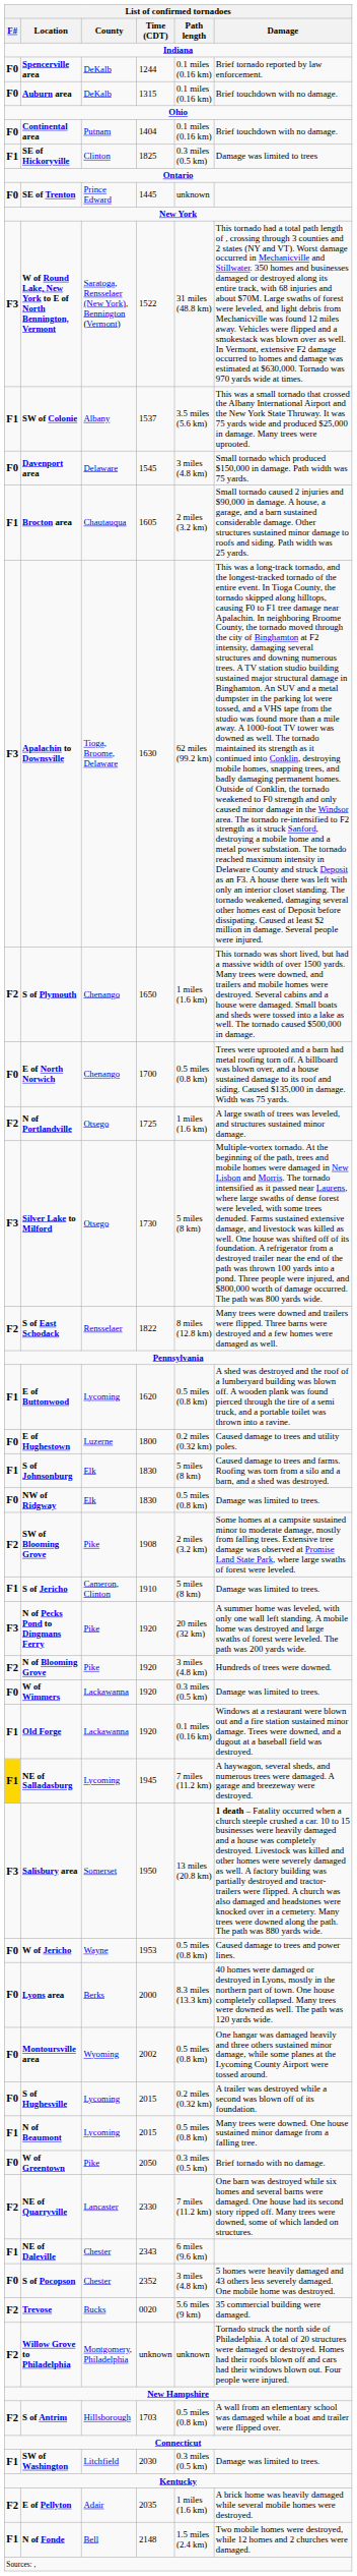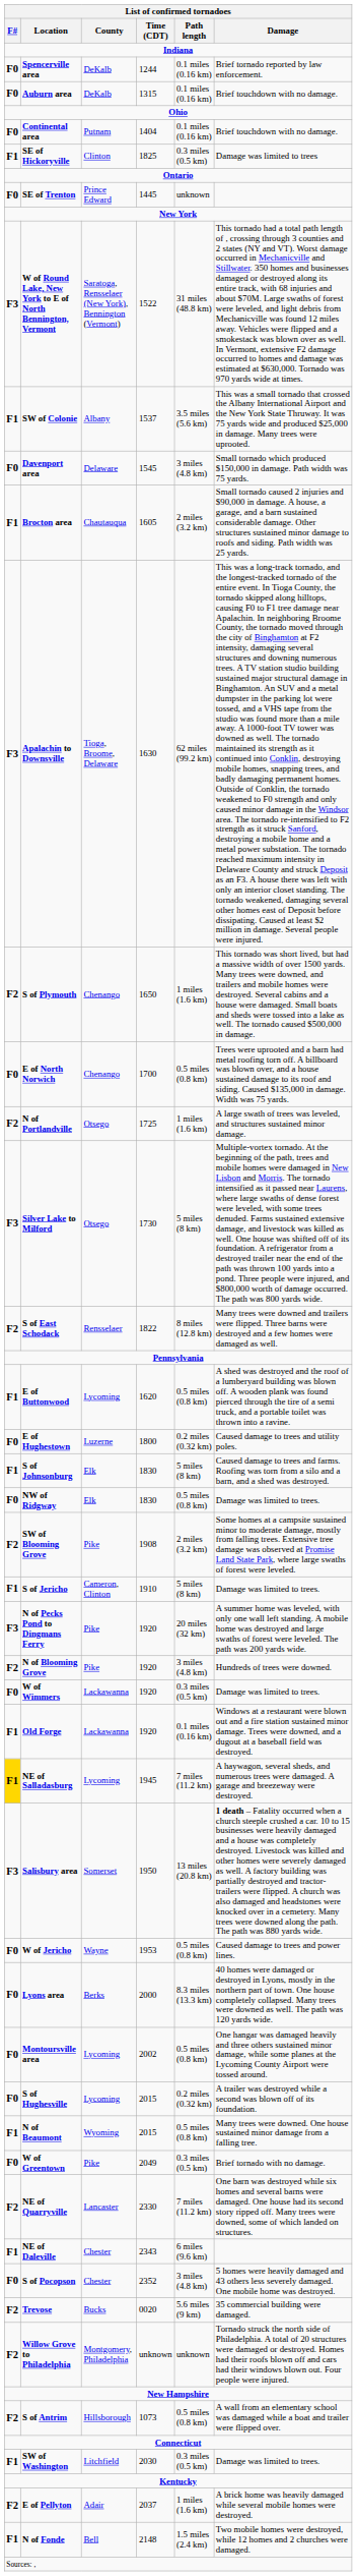 <table class="wikitable toccolours collapsible" width="100%">
 <tr>
 <th colspan="6">List of confirmed tornadoes</th>
 </tr>
 <tr>
 <th><a href='#'>F#</a></th>
 <th>Location</th>
 <th>County</th>
 <th>Time (CDT)</th>
 <th>Path length</th>
 <th>Damage</th>
 </tr>
 <tr>
 <td colspan="7" align=center><strong><a href='#'>Indiana</a></strong></td>
 </tr>
 <tr>
 <td><big><strong>F0</strong></big></td>
 <td><strong><a href='#'>Spencerville</a> area</strong></td>
 <td><a href='#'>DeKalb</a></td>
 <td>1244</td>
 <td>0.1 miles <br> (0.16 km)</td>
 <td>Brief tornado reported by law enforcement.</td>
 </tr>
 <tr>
 <td><big><strong>F0</strong></big></td>
 <td><strong><a href='#'>Auburn</a> area</strong></td>
 <td><a href='#'>DeKalb</a></td>
 <td>1315</td>
 <td>0.1 miles <br> (0.16 km)</td>
 <td>Brief touchdown with no damage.</td>
 </tr>
 <tr>
 <td colspan="7" align=center><strong><a href='#'>Ohio</a></strong></td>
 </tr>
 <tr>
 <td><big><strong>F0</strong></big></td>
 <td><strong><a href='#'>Continental</a> area</strong></td>
 <td><a href='#'>Putnam</a></td>
 <td>1404</td>
 <td>0.1 miles <br> (0.16 km)</td>
 <td>Brief touchdown with no damage.</td>
 </tr>
 <tr>
 <td><big><strong>F1</strong></big></td>
 <td><strong>SE of <a href='#'>Hickoryville</a></strong></td>
 <td><a href='#'>Clinton</a></td>
 <td>1825</td>
 <td>0.3 miles <br> (0.5 km)</td>
 <td>Damage was limited to trees</td>
 </tr>
 <tr>
 <td colspan="7" align=center><strong><a href='#'>Ontario</a></strong></td>
 </tr>
 <tr>
 <td><big><strong>F0</strong></big></td>
 <td><strong>SE of <a href='#'>Trenton</a></strong></td>
 <td><a href='#'>Prince Edward</a></td>
 <td>1445</td>
 <td>unknown</td>
 <td></td>
 </tr>
 <tr>
 <td colspan="7" align=center><strong><a href='#'>New York</a></strong></td>
 </tr>
 <tr>
 <td><big><strong>F3</strong></big></td>
 <td><strong>W of <a href='#'>Round Lake, New York</a> to E of <a href='#'>North Bennington, Vermont</a></strong></td>
 <td><a href='#'>Saratoga</a>, <a href='#'>Rensselaer</a> <a href='#'>(New York)</a>, <a href='#'>Bennington</a> (<a href='#'>Vermont</a>)</td>
 <td>1522</td>
 <td>31 miles <br> (48.8 km)</td>
 <td>This tornado had a total path length of , crossing through 3 counties and 2 states (NY and VT). Worst damage occurred in <a href='#'>Mechanicville</a> and <a href='#'>Stillwater</a>. 350 homes and businesses damaged or destroyed along its entire track, with 68 injuries and about $70M. Large swaths of forest were leveled, and light debris from Mechanicville was found 12 miles away. Vehicles were flipped and a smokestack was blown over as well. In Vermont, extensive F2 damage occurred to homes and damage was estimated at $630,000. Tornado was 970 yards wide at times.</td>
 </tr>
 <tr>
 <td><big><strong>F1</strong></big></td>
 <td><strong>SW of <a href='#'>Colonie</a></strong></td>
 <td><a href='#'>Albany</a></td>
 <td>1537</td>
 <td>3.5 miles <br> (5.6 km)</td>
 <td>This was a small tornado that crossed the Albany International Airport and the New York State Thruway. It was 75 yards wide and produced $25,000 in damage. Many trees were uprooted.</td>
 </tr>
 <tr>
 <td><big><strong>F0</strong></big></td>
 <td><strong><a href='#'>Davenport</a> area</strong></td>
 <td><a href='#'>Delaware</a></td>
 <td>1545</td>
 <td>3 miles <br> (4.8 km)</td>
 <td>Small tornado which produced $150,000 in damage. Path width was 75 yards.</td>
 </tr>
 <tr>
 <td><big><strong>F1</strong></big></td>
 <td><strong><a href='#'>Brocton</a> area</strong></td>
 <td><a href='#'>Chautauqua</a></td>
 <td>1605</td>
 <td>2 miles <br> (3.2 km)</td>
 <td>Small tornado caused 2 injuries and $90,000 in damage. A house, a garage, and a barn sustained considerable damage. Other structures sustained minor damage to roofs and siding. Path width was 25 yards.</td>
 </tr>
 <tr>
 <td><big><strong>F3</strong></big></td>
 <td><strong><a href='#'>Apalachin</a> to <a href='#'>Downsville</a></strong></td>
 <td><a href='#'>Tioga</a>, <a href='#'>Broome</a>, <a href='#'>Delaware</a></td>
 <td>1630</td>
 <td>62 miles <br> (99.2 km)</td>
 <td>This was a long-track tornado, and the longest-tracked tornado of the entire event. In Tioga County, the tornado skipped along hilltops, causing F0 to F1 tree damage near Apalachin. In neighboring Broome County, the tornado moved through the city of <a href='#'>Binghamton</a> at F2 intensity, damaging several structures and downing numerous trees. A TV station studio building sustained major structural damage in Binghamton. An SUV and a metal dumpster in the parking lot were tossed, and a VHS tape from the studio was found more than a mile away. A 1000-foot TV tower was downed as well. The tornado maintained its strength as it continued into <a href='#'>Conklin</a>, destroying mobile homes, snapping trees, and badly damaging permanent homes. Outside of Conklin, the tornado weakened to F0 strength and only caused minor damage in the <a href='#'>Windsor</a> area. The tornado re-intensified to F2 strength as it struck <a href='#'>Sanford</a>, destroying a mobile home and a metal power substation. The tornado reached maximum intensity in Delaware County and struck <a href='#'>Deposit</a> as an F3. A house there was left with only an interior closet standing. The tornado weakened, damaging several other homes east of Deposit before dissipating. Caused at least $2 million in damage. Several people were injured.</td>
 </tr>
 <tr>
 <td><big><strong>F2</strong></big></td>
 <td><strong>S of <a href='#'>Plymouth</a></strong></td>
 <td><a href='#'>Chenango</a></td>
 <td>1650</td>
 <td>1 miles <br> (1.6 km)</td>
 <td>This tornado was short lived, but had a massive width of over 1500 yards. Many trees were downed, and trailers and mobile homes were destroyed. Several cabins and a house were damaged. Small boats and sheds were tossed into a lake as well. The tornado caused $500,000 in damage.</td>
 </tr>
 <tr>
 <td><big><strong>F0</strong></big></td>
 <td><strong>E of <a href='#'>North Norwich</a></strong></td>
 <td><a href='#'>Chenango</a></td>
 <td>1700</td>
 <td>0.5 miles <br> (0.8 km)</td>
 <td>Trees were uprooted and a barn had metal roofing torn off. A billboard was blown over, and a house sustained damage to its roof and siding. Caused $135,000 in damage. Width was 75 yards.</td>
 </tr>
 <tr>
 <td><big><strong>F2</strong></big></td>
 <td><strong>N of <a href='#'>Portlandville</a></strong></td>
 <td><a href='#'>Otsego</a></td>
 <td>1725</td>
 <td>1 miles <br> (1.6 km)</td>
 <td>A large swath of trees was leveled, and structures sustained minor damage.</td>
 </tr>
 <tr>
 <td><big><strong>F3</strong></big></td>
 <td><strong><a href='#'>Silver Lake</a> to <a href='#'>Milford</a></strong></td>
 <td><a href='#'>Otsego</a></td>
 <td>1730</td>
 <td>5 miles <br> (8 km)</td>
 <td>Multiple-vortex tornado. At the beginning of the path, trees and mobile homes were damaged in <a href='#'>New Lisbon</a> and <a href='#'>Morris</a>. The tornado intensified as it passed near <a href='#'>Laurens</a>, where large swaths of dense forest were leveled, with some trees denuded. Farms sustained extensive damage, and livestock was killed as well. One house was shifted off of its foundation. A refrigerator from a destroyed trailer near the end of the path was thrown 100 yards into a pond. Three people were injured, and $800,000 worth of damage occurred. The path was 800 yards wide.</td>
 </tr>
 <tr>
 <td><big><strong>F2</strong></big></td>
 <td><strong> S of <a href='#'>East Schodack</a></strong></td>
 <td><a href='#'>Rensselaer</a></td>
 <td>1822</td>
 <td>8 miles <br> (12.8 km)</td>
 <td>Many trees were downed and trailers were flipped. Three barns were destroyed and a few homes were damaged as well.</td>
 </tr>
 <tr>
 <td colspan="7" align=center><strong><a href='#'>Pennsylvania</a></strong></td>
 </tr>
 <tr>
 <td><big><strong>F1</strong></big></td>
 <td><strong>E of <a href='#'>Buttonwood</a></strong></td>
 <td><a href='#'>Lycoming</a></td>
 <td>1620</td>
 <td>0.5 miles <br> (0.8 km)</td>
 <td>A shed was destroyed and the roof of a lumberyard building was blown off. A wooden plank was found pierced through the tire of a semi truck, and a portable toilet was thrown into a ravine.</td>
 </tr>
 <tr>
 <td><big><strong>F0</strong></big></td>
 <td><strong>E of <a href='#'>Hughestown</a></strong></td>
 <td><a href='#'>Luzerne</a></td>
 <td>1800</td>
 <td>0.2 miles <br> (0.32 km)</td>
 <td>Caused damage to trees and utility poles.</td>
 </tr>
 <tr>
 <td><big><strong>F1</strong></big></td>
 <td><strong>S of <a href='#'>Johnsonburg</a></strong></td>
 <td><a href='#'>Elk</a></td>
 <td>1830</td>
 <td>5 miles <br> (8 km)</td>
 <td>Caused damage to trees and farms. Roofing was torn from a silo and a barn, and a shed was destroyed.</td>
 </tr>
 <tr>
 <td><big><strong>F0</strong></big></td>
 <td><strong>NW of <a href='#'>Ridgway</a></strong></td>
 <td><a href='#'>Elk</a></td>
 <td>1830</td>
 <td>0.5 miles <br> (0.8 km)</td>
 <td>Damage was limited to trees.</td>
 </tr>
 <tr>
 <td><big><strong>F2</strong></big></td>
 <td><strong>SW of <a href='#'>Blooming Grove</a></strong></td>
 <td><a href='#'>Pike</a></td>
 <td>1908</td>
 <td>2 miles <br> (3.2 km)</td>
 <td>Some homes at a campsite sustained minor to moderate damage, mostly from falling trees. Extensive tree damage was observed at <a href='#'>Promise Land State Park</a>, where large swaths of forest were leveled.</td>
 </tr>
 <tr>
 <td><big><strong>F1</strong></big></td>
 <td><strong>S of <a href='#'>Jericho</a></strong></td>
 <td><a href='#'>Cameron</a>, <a href='#'>Clinton</a></td>
 <td>1910</td>
 <td>5 miles <br> (8 km)</td>
 <td>Damage was limited to trees.</td>
 </tr>
 <tr>
 <td><big><strong>F3</strong></big></td>
 <td><strong>N of <a href='#'>Pecks Pond</a> to <a href='#'>Dingmans Ferry</a></strong></td>
 <td><a href='#'>Pike</a></td>
 <td>1920</td>
 <td>20 miles <br> (32 km)</td>
 <td>A summer home was leveled, with only one wall left standing. A mobile home was destroyed and large swaths of forest were leveled. The path was 200 yards wide.</td>
 </tr>
 <tr>
 <td><big><strong>F2</strong></big></td>
 <td><strong>N of <a href='#'>Blooming Grove</a></strong></td>
 <td><a href='#'>Pike</a></td>
 <td>1920</td>
 <td>3 miles <br> (4.8 km)</td>
 <td>Hundreds of trees were downed.</td>
 </tr>
 <tr>
 <td><big><strong>F0</strong></big></td>
 <td><strong>W of <a href='#'>Wimmers</a></strong></td>
 <td><a href='#'>Lackawanna</a></td>
 <td>1920</td>
 <td>0.3 miles <br> (0.5 km)</td>
 <td>Damage was limited to trees.</td>
 </tr>
 <tr>
 <td><big><strong>F1</strong></big></td>
 <td><strong><a href='#'>Old Forge</a></strong></td>
 <td><a href='#'>Lackawanna</a></td>
 <td>1920</td>
 <td>0.1 miles <br> (0.16 km)</td>
 <td>Windows at a restaurant were blown out and a fire station sustained minor damage. Trees were downed, and a dugout at a baseball field was destroyed.</td>
 </tr>
 <tr>
 <td style="background: gold;"><big><strong>F1</strong></big></td>
 <td><strong>NE of <a href='#'>Salladasburg</a></strong></td>
 <td><a href='#'>Lycoming</a></td>
 <td>1945</td>
 <td>7 miles <br> (11.2 km)</td>
 <td>A haywagon, several sheds, and numerous trees were damaged. A garage and breezeway were destroyed.</td>
 </tr>
 <tr>
 <td><big><strong>F3</strong></big></td>
 <td><strong><a href='#'>Salisbury</a> area</strong></td>
 <td><a href='#'>Somerset</a></td>
 <td>1950</td>
 <td>13 miles <br> (20.8 km)</td>
 <td><strong>1 death</strong> –  Fatality occurred when a church steeple crushed a car. 10 to 15 businesses were heavily damaged and a house was completely destroyed. Livestock was killed and other homes were severely damaged as well. A factory building was partially destroyed and tractor-trailers were flipped. A church was also damaged and headstones were knocked over in a cemetery. Many trees were downed along the path. The path was 880 yards wide.</td>
 </tr>
 <tr>
 <td><big><strong>F0</strong></big></td>
 <td><strong>W of <a href='#'>Jericho</a></strong></td>
 <td><a href='#'>Wayne</a></td>
 <td>1953</td>
 <td>0.5 miles <br> (0.8 km)</td>
 <td>Caused damage to trees and power lines.</td>
 </tr>
 <tr>
 <td><big><strong>F0</strong></big></td>
 <td><strong><a href='#'>Lyons</a> area</strong></td>
 <td><a href='#'>Berks</a></td>
 <td>2000</td>
 <td>8.3 miles <br> (13.3 km)</td>
 <td>40 homes were damaged or destroyed in Lyons, mostly in the northern part of town. One house completely collapsed. Many trees were downed as well. The path was 120 yards wide.</td>
 </tr>
 <tr>
 <td><big><strong>F0</strong></big></td>
 <td><strong><a href='#'>Montoursville</a> area</strong></td>
-<td><a href='#'>Wyoming</a></td>
+<td><a href='#'>Lycoming</a></td>
 <td>2002</td>
 <td>0.5 miles <br> (0.8 km)</td>
 <td>One hangar was damaged heavily and three others sustained minor damage, while some planes at the Lycoming County Airport were tossed around.</td>
 </tr>
 <tr>
 <td><big><strong>F0</strong></big></td>
 <td><strong>S of <a href='#'>Hughesville</a></strong></td>
 <td><a href='#'>Lycoming</a></td>
 <td>2015</td>
 <td>0.2 miles <br> (0.32 km)</td>
 <td>A trailer was destroyed while a second was blown off of its foundation.</td>
 </tr>
 <tr>
 <td><big><strong>F1</strong></big></td>
 <td><strong>N of <a href='#'>Beaumont</a></strong></td>
-<td><a href='#'>Lycoming</a></td>
+<td><a href='#'>Wyoming</a></td>
 <td>2015</td>
 <td>0.5 miles <br> (0.8 km)</td>
 <td>Many trees were downed. One house sustained minor damage from a falling tree.</td>
 </tr>
 <tr>
 <td><big><strong>F0</strong></big></td>
 <td><strong>W of <a href='#'>Greentown</a></strong></td>
 <td><a href='#'>Pike</a></td>
-<td>2050</td>
+<td>2049</td>
 <td>0.3 miles <br> (0.5 km)</td>
 <td>Brief tornado with no damage.</td>
 </tr>
 <tr>
 <td><big><strong>F2</strong></big></td>
 <td><strong>NE of <a href='#'>Quarryville</a></strong></td>
 <td><a href='#'>Lancaster</a></td>
 <td>2330</td>
 <td>7 miles <br> (11.2 km)</td>
 <td>One barn was destroyed while six homes and several barns were damaged. One house had its second story ripped off. Many trees were downed, some of which landed on structures.</td>
 </tr>
 <tr>
 <td><big><strong>F1</strong></big></td>
 <td><strong>NE of <a href='#'>Daleville</a></strong></td>
 <td><a href='#'>Chester</a></td>
 <td>2343</td>
 <td>6 miles <br> (9.6 km)</td>
 <td></td>
 </tr>
 <tr>
 <td><big><strong>F0</strong></big></td>
 <td><strong>S of <a href='#'>Pocopson</a></strong></td>
 <td><a href='#'>Chester</a></td>
 <td>2352</td>
 <td>3 miles <br> (4.8 km)</td>
 <td>5 homes were heavily damaged and 43 others less severely damaged. One mobile home was destroyed.</td>
 </tr>
 <tr>
 <td><big><strong>F2</strong></big></td>
 <td><strong><a href='#'>Trevose</a></strong></td>
 <td><a href='#'>Bucks</a></td>
 <td>0020</td>
 <td>5.6 miles <br> (9 km)</td>
 <td>35 commercial building were damaged.</td>
 </tr>
 <tr>
 <td><big><strong>F2</strong></big></td>
 <td><strong><a href='#'>Willow Grove</a> to <a href='#'>Philadelphia</a></strong></td>
 <td><a href='#'>Montgomery</a>, <a href='#'>Philadelphia</a></td>
 <td>unknown</td>
 <td>unknown</td>
 <td>Tornado struck the north side of Philadelphia. A total of 20 structures were damaged or destroyed. Homes had their roofs blown off and cars had their windows blown out. Four people were injured.</td>
 </tr>
 <tr>
 <td colspan="7" align=center><strong><a href='#'>New Hampshire</a></strong></td>
 </tr>
 <tr>
 <td><big><strong>F2</strong></big></td>
 <td><strong>S of <a href='#'>Antrim</a></strong></td>
 <td><a href='#'>Hillsborough</a></td>
-<td>1703</td>
+<td>1073</td>
 <td>0.5 miles <br> (0.8 km)</td>
 <td>A wall from an elementary school was damaged while a boat and trailer were flipped over.</td>
 </tr>
 <tr>
 <td colspan="7" align=center><strong><a href='#'>Connecticut</a></strong></td>
 </tr>
 <tr>
 <td><big><strong>F1</strong></big></td>
 <td><strong>SW of <a href='#'>Washington</a></strong></td>
 <td><a href='#'>Litchfield</a></td>
 <td>2030</td>
 <td>0.3 miles <br> (0.5 km)</td>
 <td>Damage was limited to trees.</td>
 </tr>
 <tr>
 <td colspan="7" align=center><strong><a href='#'>Kentucky</a></strong></td>
 </tr>
 <tr>
 <td><big><strong>F2</strong></big></td>
 <td><strong>E of <a href='#'>Pellyton</a></strong></td>
 <td><a href='#'>Adair</a></td>
-<td>2035</td>
+<td>2037</td>
 <td>1 miles <br> (1.6 km)</td>
 <td>A brick home was heavily damaged while several mobile homes were destroyed.</td>
 </tr>
 <tr>
 <td><big><strong>F1</strong></big></td>
 <td><strong>N of <a href='#'>Fonde</a></strong></td>
 <td><a href='#'>Bell</a></td>
 <td>2148</td>
 <td>1.5 miles <br> (2.4 km)</td>
 <td>Two mobile homes were destroyed, while 12 homes and 2 churches were damaged.</td>
 </tr>
 <tr>
 <td colspan="7"><small>Sources: ,  </small></td>
 </tr>
 </table>
